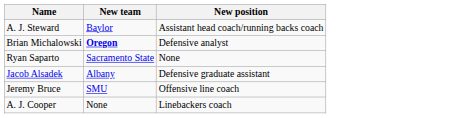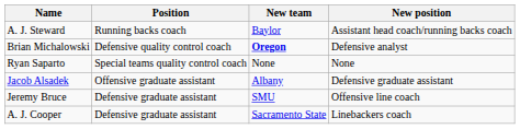 <table class="wikitable">
 <tr>
 <th style="text-align:center; ">Name</th>
+<th style="text-align:center; ">Position</th>
 <th style="text-align:center; ">New team</th>
 <th style="text-align:center; ">New position</th>
 </tr>
 <tr>
 <td>A. J. Steward</td>
+<td>Running backs coach</td>
 <td><a href='#'>Baylor</a></td>
 <td>Assistant head coach/running backs coach</td>
 </tr>
 <tr>
 <td>Brian Michalowski</td>
+<td>Defensive quality control coach</td>
 <td><strong><a href='#'>Oregon</a></strong></td>
 <td>Defensive analyst</td>
 </tr>
 <tr>
 <td>Ryan Saparto</td>
-<td><a href='#'>Sacramento State</a></td>
+<td>Special teams quality control coach</td>
+<td>None</td>
 <td>None</td>
 </tr>
 <tr>
 <td><a href='#'>Jacob Alsadek</a></td>
+<td>Offensive graduate assistant</td>
 <td><a href='#'>Albany</a></td>
 <td>Defensive graduate assistant</td>
 </tr>
 <tr>
 <td>Jeremy Bruce</td>
+<td>Defensive graduate assistant</td>
 <td><a href='#'>SMU</a></td>
 <td>Offensive line coach</td>
 </tr>
 <tr>
 <td>A. J. Cooper</td>
-<td>None</td>
+<td>Defensive graduate assistant</td>
+<td><a href='#'>Sacramento State</a></td>
 <td>Linebackers coach</td>
 </tr>
 </table>
